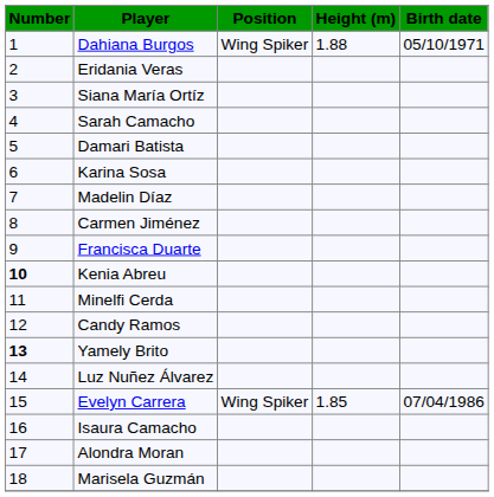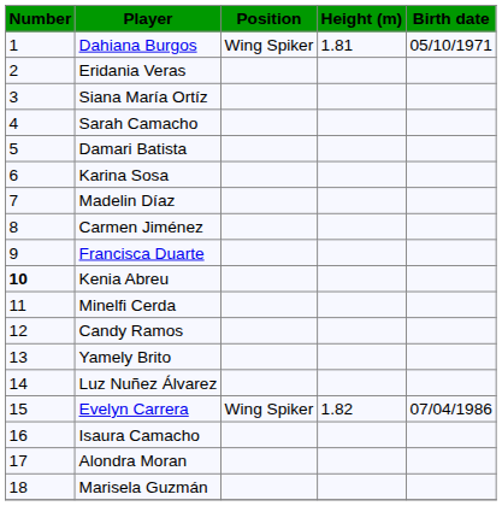 <table bgcolor="#f7f8ff" cellpadding="3" cellspacing="0" border="1" style="font-size: 95%; border: gray solid 1px; border-collapse: collapse;">
 <tr bgcolor="#009900">
 <td align=center><strong>Number</strong></td>
 <td align=center><strong>Player</strong></td>
 <td align=center><strong>Position</strong></td>
 <td align=center><strong>Height (m)</strong></td>
 <td align=center><strong>Birth date</strong></td>
 </tr>
 <tr align=left>
 <td>1</td>
 <td> <a href='#'>Dahiana Burgos</a></td>
 <td>Wing Spiker</td>
-<td>1.88</td>
+<td>1.81</td>
 <td>05/10/1971</td>
 </tr>
 <tr align="left">
 <td>2</td>
 <td> Eridania Veras</td>
 <td></td>
 <td></td>
 <td></td>
 </tr>
 <tr align="left">
 <td>3</td>
 <td> Siana María Ortíz</td>
 <td></td>
 <td></td>
 <td></td>
 </tr>
 <tr align="left">
 <td>4</td>
 <td> Sarah Camacho</td>
 <td></td>
 <td></td>
 <td></td>
 </tr>
 <tr align="left">
 <td>5</td>
 <td> Damari Batista</td>
 <td></td>
 <td></td>
 <td></td>
 </tr>
 <tr align="left">
 <td>6</td>
 <td> Karina Sosa</td>
 <td></td>
 <td></td>
 <td></td>
 </tr>
 <tr align="left">
 <td>7</td>
 <td> Madelin Díaz</td>
 <td></td>
 <td></td>
 <td></td>
 </tr>
 <tr align="left">
 <td>8</td>
 <td> Carmen Jiménez</td>
 <td></td>
 <td></td>
 <td></td>
 </tr>
 <tr align="left">
 <td>9</td>
 <td> <a href='#'>Francisca Duarte</a></td>
 <td></td>
 <td></td>
 <td></td>
 </tr>
 <tr align="left">
 <td><strong>10</strong></td>
 <td> Kenia Abreu</td>
 <td></td>
 <td></td>
 <td></td>
 </tr>
 <tr align="left">
 <td>11</td>
 <td> Minelfi Cerda</td>
 <td></td>
 <td></td>
 <td></td>
 </tr>
 <tr align="left">
 <td>12</td>
 <td> Candy Ramos</td>
 <td></td>
 <td></td>
 <td></td>
 </tr>
 <tr align="left">
-<td><strong>13</strong></td>
+<td>13</td>
 <td> Yamely Brito</td>
 <td></td>
 <td></td>
 <td></td>
 </tr>
 <tr align="left">
 <td>14</td>
 <td> Luz Nuñez Álvarez</td>
 <td></td>
 <td></td>
 <td></td>
 </tr>
 <tr align="left">
 <td>15</td>
 <td> <a href='#'>Evelyn Carrera</a></td>
 <td>Wing Spiker</td>
-<td>1.85</td>
+<td>1.82</td>
 <td>07/04/1986</td>
 </tr>
 <tr align="left">
 <td>16</td>
 <td> Isaura Camacho</td>
 <td></td>
 <td></td>
 <td></td>
 </tr>
 <tr align="left">
 <td>17</td>
 <td> Alondra Moran</td>
 <td></td>
 <td></td>
 <td></td>
 </tr>
 <tr align="left">
 <td>18</td>
 <td> Marisela Guzmán</td>
 <td></td>
 <td></td>
 <td></td>
 </tr>
 <tr align="left">
 </tr>
 </table>
